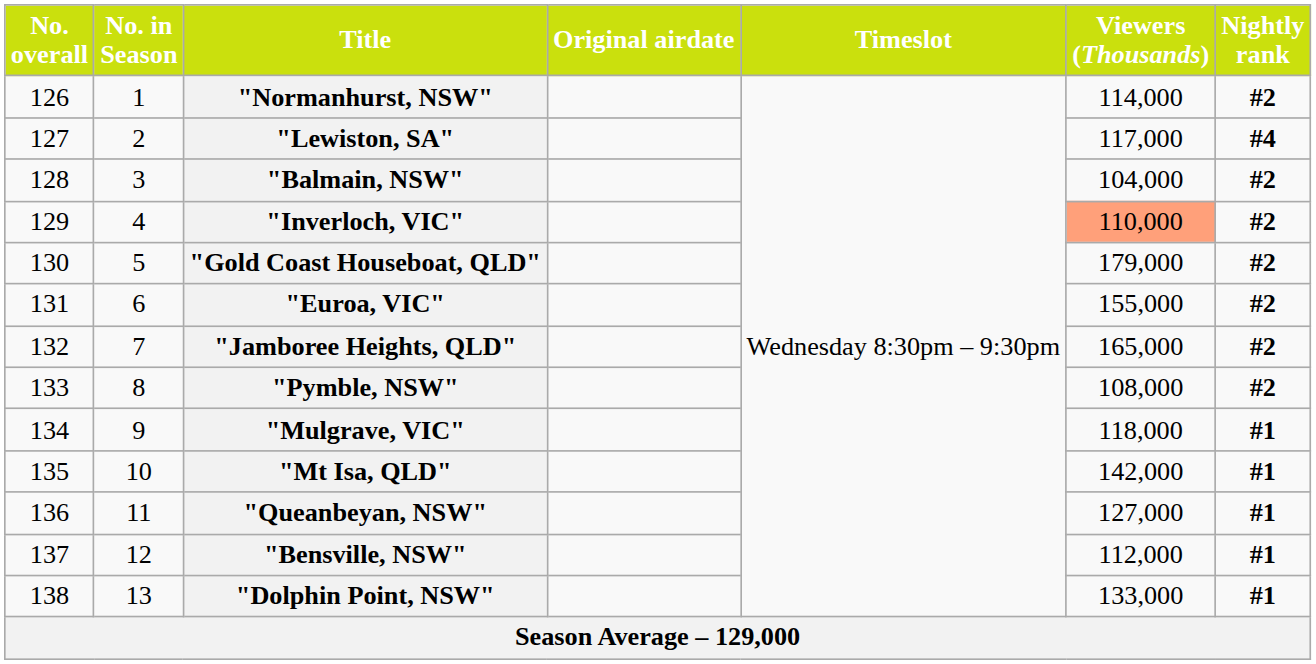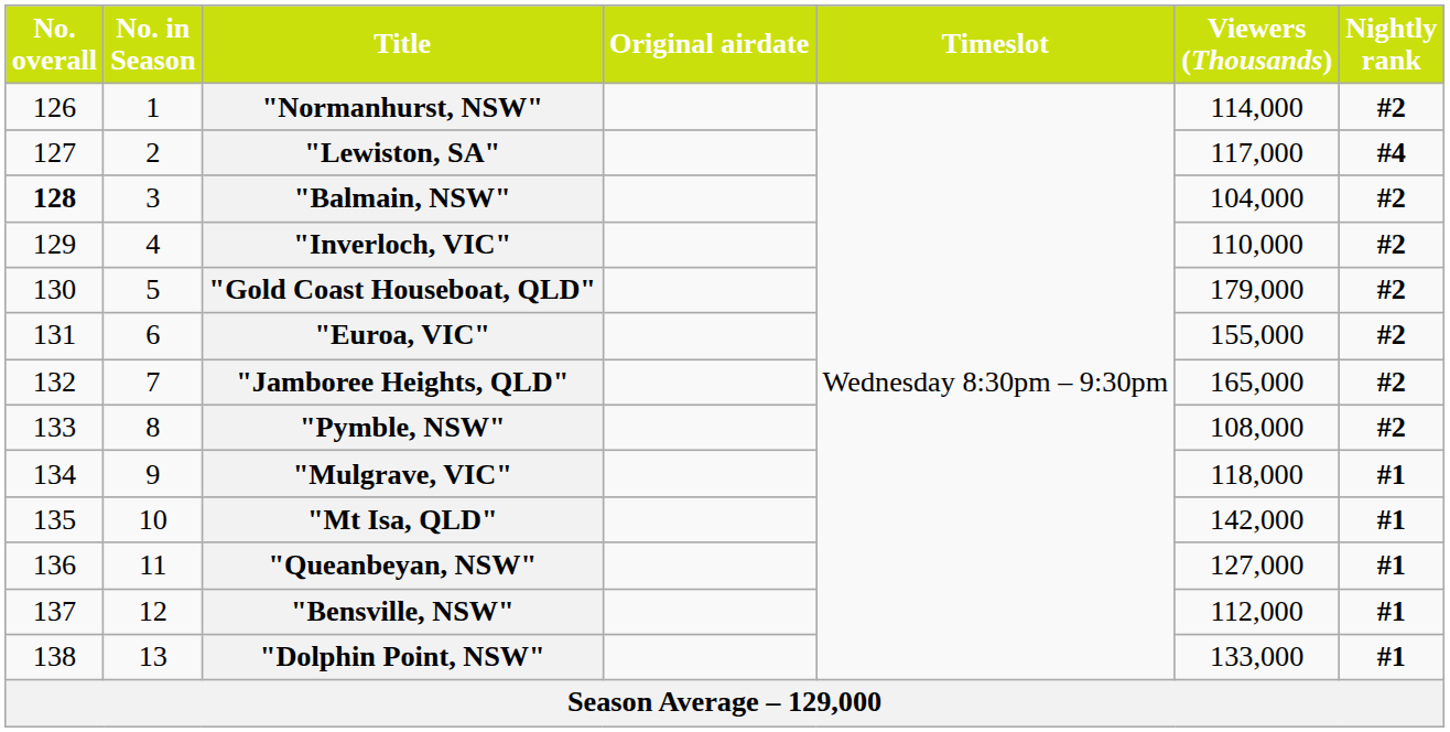 <table class="wikitable" style="text-align:center;">
 <tr>
 <th scope="col" style="background:#CAE00D; color:white;">No. <br>overall</th>
 <th scope="col" style="background:#CAE00D; color:white;">No. in<br> Season</th>
 <th scope="col" style="background:#CAE00D; color:white;">Title</th>
 <th scope="col" style="background:#CAE00D; color:white;">Original airdate</th>
 <th scope="row" style="background:#CAE00D; color:white;">Timeslot</th>
 <th scope="col" style="background:#CAE00D; color:white;">Viewers<br>(<em>Thousands</em>)</th>
 <th scope="col" style="background:#CAE00D; color:white;">Nightly<br>rank</th>
 </tr>
 <tr>
 <td>126</td>
 <td>1</td>
 <th>"Normanhurst, NSW"</th>
 <td></td>
 <td rowspan="13">Wednesday 8:30pm – 9:30pm</td>
 <td>114,000</td>
 <td><strong>#2</strong></td>
 </tr>
 <tr>
 <td>127</td>
 <td>2</td>
 <th>"Lewiston, SA"</th>
 <td></td>
 <td>117,000</td>
 <td><strong>#4</strong></td>
 </tr>
 <tr>
-<td>128</td>
+<td><strong>128</strong></td>
 <td>3</td>
 <th>"Balmain, NSW"</th>
 <td></td>
 <td>104,000</td>
 <td><strong>#2</strong></td>
 </tr>
 <tr>
 <td>129</td>
 <td>4</td>
 <th>"Inverloch, VIC"</th>
 <td></td>
-<td style="background: lightsalmon;">110,000</td>
+<td>110,000</td>
 <td><strong>#2</strong></td>
 </tr>
 <tr>
 <td>130</td>
 <td>5</td>
 <th>"Gold Coast Houseboat, QLD"</th>
 <td></td>
 <td>179,000</td>
 <td><strong>#2</strong></td>
 </tr>
 <tr>
 <td>131</td>
 <td>6</td>
 <th>"Euroa, VIC"</th>
 <td></td>
 <td>155,000</td>
 <td><strong>#2</strong></td>
 </tr>
 <tr>
 <td>132</td>
 <td>7</td>
 <th>"Jamboree Heights, QLD"</th>
 <td></td>
 <td>165,000</td>
 <td><strong>#2</strong></td>
 </tr>
 <tr>
 <td>133</td>
 <td>8</td>
 <th>"Pymble, NSW"</th>
 <td></td>
 <td>108,000</td>
 <td><strong>#2</strong></td>
 </tr>
 <tr>
 <td>134</td>
 <td>9</td>
 <th>"Mulgrave, VIC"</th>
 <td></td>
 <td>118,000</td>
 <td><strong>#1</strong></td>
 </tr>
 <tr>
 <td>135</td>
 <td>10</td>
 <th>"Mt Isa, QLD"</th>
 <td></td>
 <td>142,000</td>
 <td><strong>#1</strong></td>
 </tr>
 <tr>
 <td>136</td>
 <td>11</td>
 <th>"Queanbeyan, NSW"</th>
 <td></td>
 <td>127,000</td>
 <td><strong>#1</strong></td>
 </tr>
 <tr>
 <td>137</td>
 <td>12</td>
 <th>"Bensville, NSW"</th>
 <td></td>
 <td>112,000</td>
 <td><strong>#1</strong></td>
 </tr>
 <tr>
 <td>138</td>
 <td>13</td>
 <th>"Dolphin Point, NSW"</th>
 <td></td>
 <td>133,000</td>
 <td><strong>#1</strong></td>
 </tr>
 <tr>
 <th colspan="7">Season Average – 129,000</th>
 </tr>
 </table>
